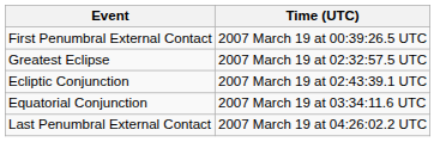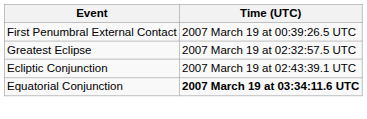 <table class="wikitable">
 <tr>
 <th>Event</th>
 <th>Time (UTC)</th>
 </tr>
 <tr>
 <td>First Penumbral External Contact</td>
 <td>2007 March 19 at 00:39:26.5 UTC</td>
 </tr>
 <tr>
 <td>Greatest Eclipse</td>
 <td>2007 March 19 at 02:32:57.5 UTC</td>
 </tr>
 <tr>
 <td>Ecliptic Conjunction</td>
 <td>2007 March 19 at 02:43:39.1 UTC</td>
 </tr>
 <tr>
 <td>Equatorial Conjunction</td>
-<td>2007 March 19 at 03:34:11.6 UTC</td>
-</tr>
-<tr>
-<td>Last Penumbral External Contact</td>
-<td>2007 March 19 at 04:26:02.2 UTC</td>
+<td><strong>2007 March 19 at 03:34:11.6 UTC</strong></td>
 </tr>
 </table>
